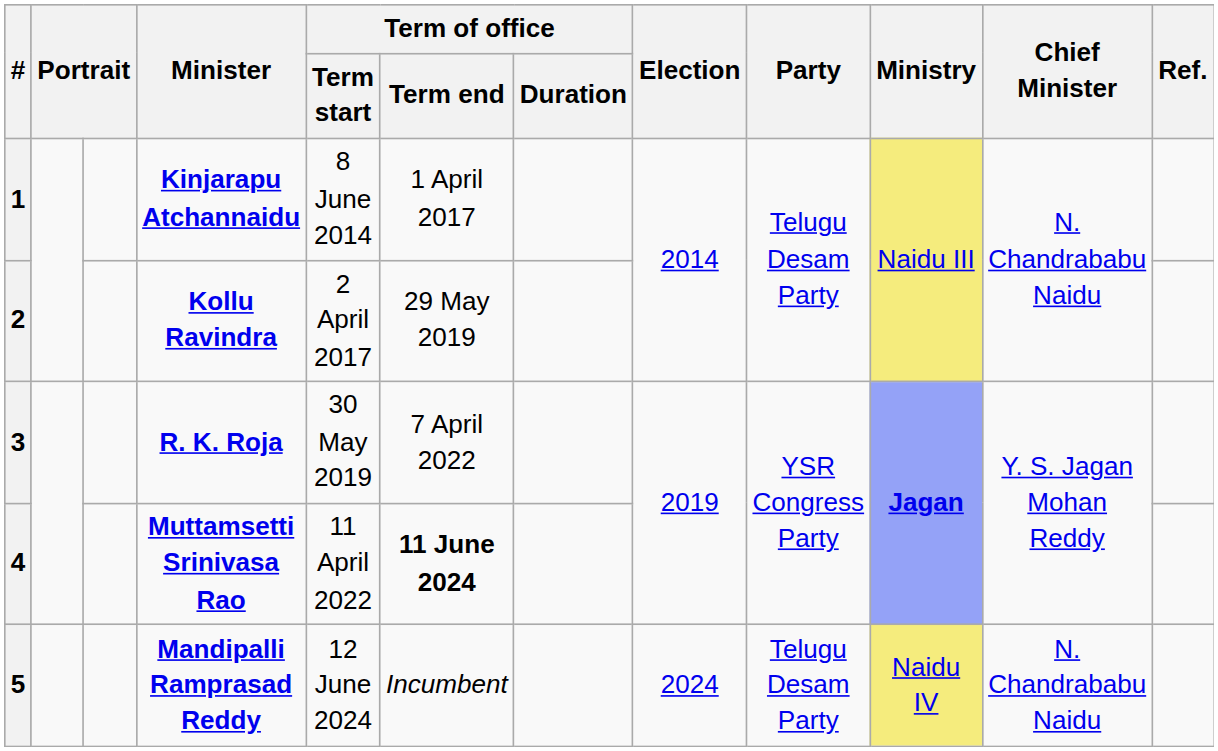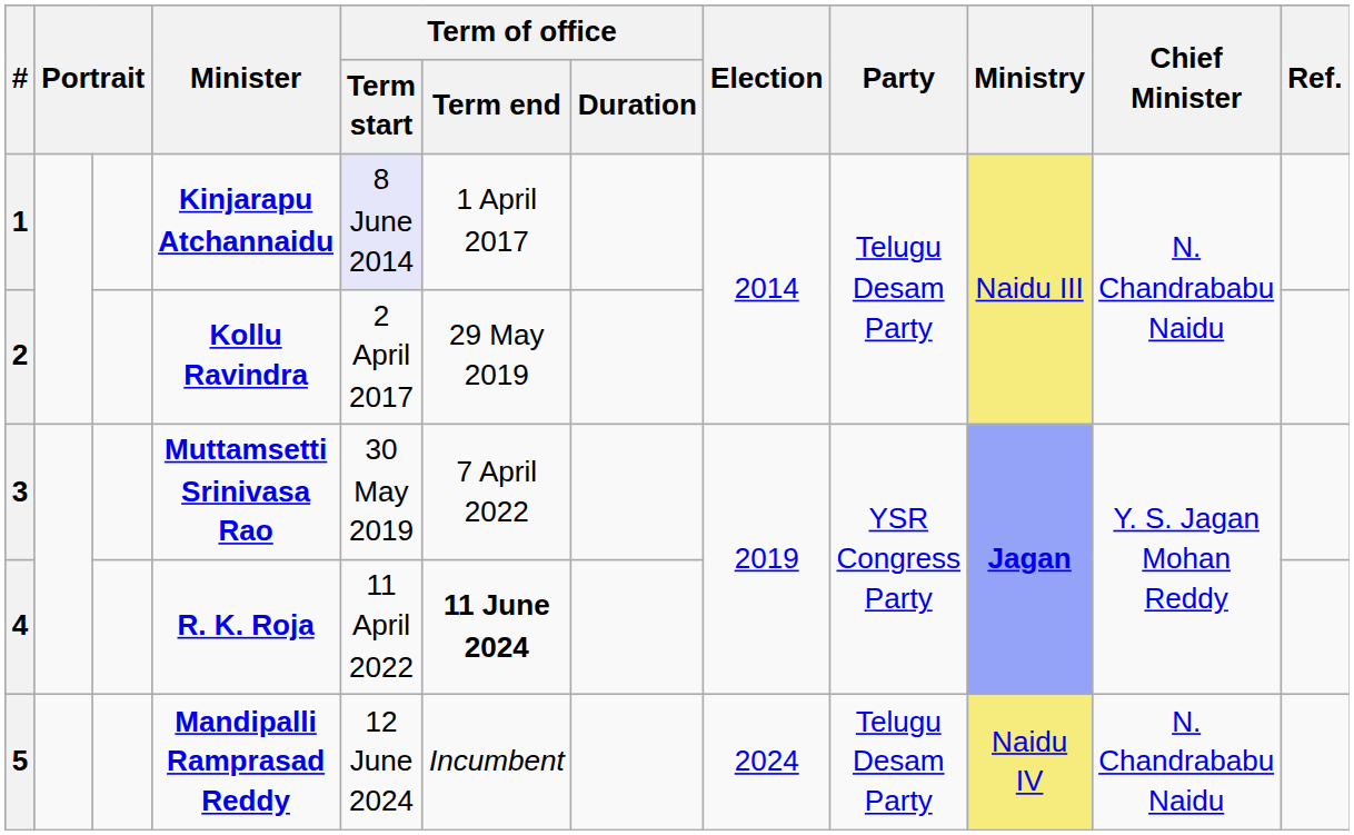 <table class="wikitable" style="line-height:1.4em; text-align:center">
 <tr>
 <th rowspan=2>#</th>
 <th rowspan=2 colspan="2">Portrait</th>
 <th rowspan=2 style="width:16em">Minister<br></th>
 <th colspan="3">Term of office</th>
 <th rowspan=2 style="width:5em">Election<br></th>
 <th rowspan=2 style="width:8em">Party</th>
 <th rowspan=2 style="width:8em">Ministry</th>
 <th rowspan=2 style="width:10em">Chief Minister</th>
 <th rowspan=2>Ref.</th>
 </tr>
 <tr>
 <th>Term start</th>
 <th>Term end</th>
 <th>Duration</th>
 </tr>
 <tr>
 <th>1</th>
 <td rowspan=2></td>
 <td></td>
 <td><strong><a href='#'>Kinjarapu Atchannaidu</a></strong><br></td>
-<td>8 June 2014</td>
+<td style="background: lavender;">8 June 2014</td>
 <td>1 April 2017</td>
 <td><strong></strong></td>
 <td rowspan=2><a href='#'>2014</a><br></td>
 <td rowspan=2><a href='#'>Telugu Desam Party</a></td>
 <td rowspan=2 bgcolor="#F5EC7D"><a href='#'>Naidu III</a></td>
 <td rowspan=2><a href='#'>N. Chandrababu Naidu</a></td>
 <td></td>
 </tr>
 <tr>
 <th>2</th>
 <td></td>
 <td><strong><a href='#'>Kollu Ravindra</a></strong><br></td>
 <td>2 April 2017</td>
 <td>29 May 2019</td>
 <td><strong></strong></td>
 <td></td>
 </tr>
 <tr>
 <th>3</th>
 <td rowspan=2></td>
 <td></td>
-<td><strong><a href='#'>R. K. Roja</a></strong><br></td>
+<td><strong><a href='#'>Muttamsetti Srinivasa Rao</a></strong><br></td>
 <td>30 May 2019</td>
 <td>7 April 2022</td>
 <td><strong></strong></td>
 <td rowspan=2><a href='#'>2019</a><br></td>
 <td rowspan="2"><a href='#'>YSR Congress Party</a></td>
 <td rowspan=2 bgcolor="#94A2F7"><strong><a href='#'>Jagan</a></strong></td>
 <td rowspan="2"><a href='#'>Y. S. Jagan Mohan Reddy</a></td>
 <td></td>
 </tr>
 <tr>
 <th>4</th>
 <td></td>
-<td><strong><a href='#'>Muttamsetti Srinivasa Rao</a></strong><br></td>
+<td><strong><a href='#'>R. K. Roja</a></strong><br></td>
 <td>11 April 2022</td>
 <td><strong>11 June 2024</strong></td>
 <td><strong></strong></td>
 <td></td>
 </tr>
 <tr>
 <th>5</th>
 <td></td>
 <td></td>
 <td><strong><a href='#'>Mandipalli Ramprasad Reddy</a></strong><br></td>
 <td>12 June 2024</td>
 <td><em>Incumbent</em></td>
 <td><strong></strong></td>
 <td><a href='#'>2024</a><br></td>
 <td><a href='#'>Telugu Desam Party</a></td>
 <td bgcolor="#F5EC7D"><a href='#'>Naidu IV</a></td>
 <td><a href='#'>N. Chandrababu Naidu</a></td>
 <td></td>
 </tr>
 </table>
